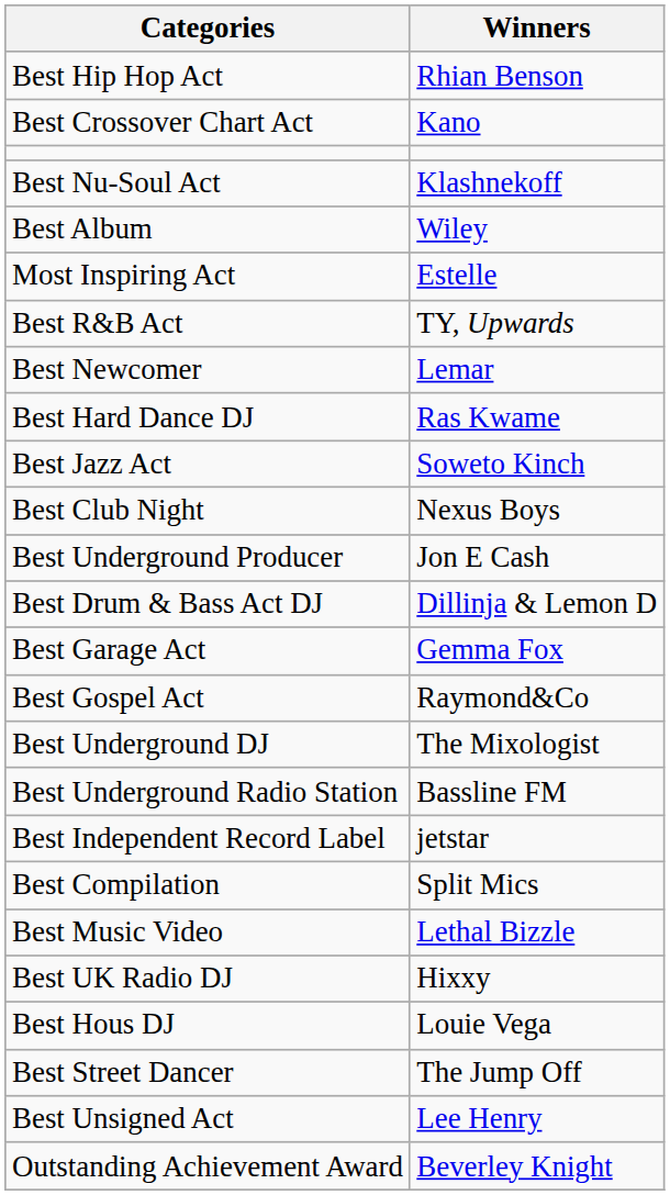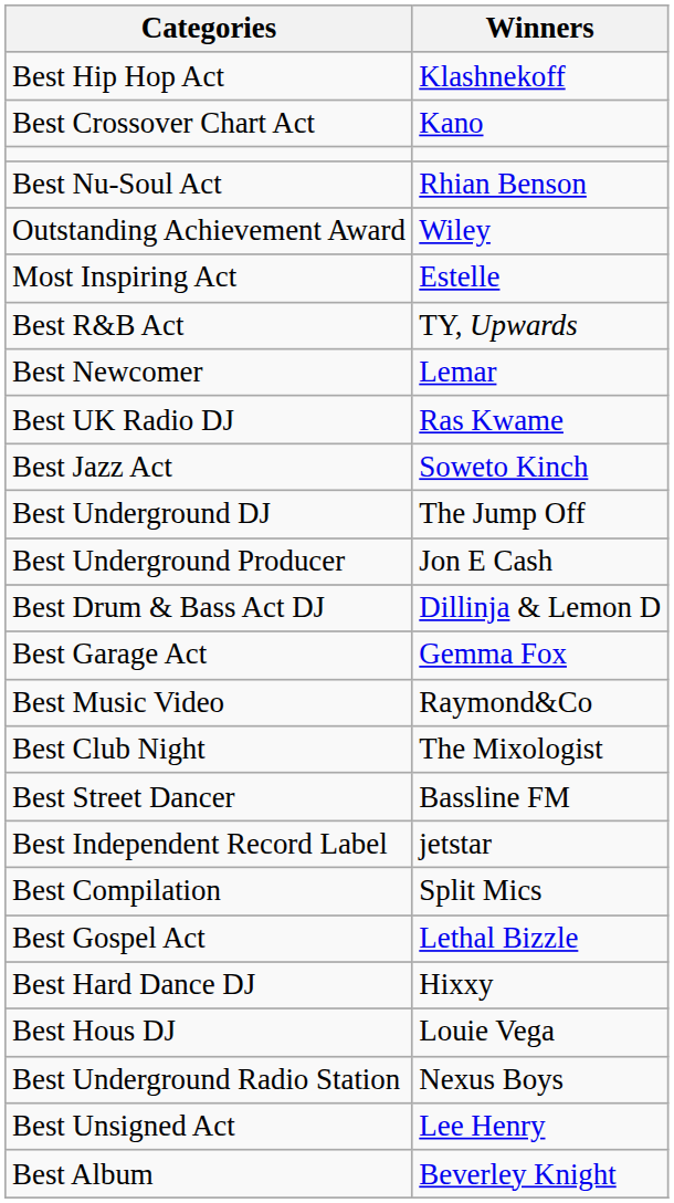 <table class="wikitable">
 <tr>
 <th>Categories</th>
 <th>Winners</th>
 </tr>
 <tr>
 <td>Best Hip Hop Act</td>
-<td><a href='#'>Rhian Benson</a></td>
+<td><a href='#'>Klashnekoff</a></td>
 </tr>
 <tr>
 <td>Best Crossover Chart Act</td>
 <td><a href='#'>Kano</a></td>
 </tr>
 <tr>
 <td></td>
 </tr>
 <tr>
 <td>Best Nu-Soul Act</td>
-<td><a href='#'>Klashnekoff</a></td>
+<td><a href='#'>Rhian Benson</a></td>
 </tr>
 <tr>
-<td>Best Album</td>
+<td>Outstanding Achievement Award</td>
 <td><a href='#'>Wiley</a></td>
 </tr>
 <tr>
 <td>Most Inspiring Act</td>
 <td><a href='#'>Estelle</a></td>
 </tr>
 <tr>
 <td>Best R&B Act</td>
 <td>TY, <em>Upwards</em></td>
 </tr>
 <tr>
 <td>Best Newcomer</td>
 <td><a href='#'>Lemar</a></td>
 </tr>
 <tr>
-<td>Best Hard Dance DJ</td>
+<td>Best UK Radio DJ</td>
 <td><a href='#'>Ras Kwame</a></td>
 </tr>
 <tr>
 <td>Best Jazz Act</td>
 <td><a href='#'>Soweto Kinch</a></td>
 </tr>
 <tr>
-<td>Best Club Night</td>
-<td>Nexus Boys</td>
+<td>Best Underground DJ</td>
+<td>The Jump Off</td>
 </tr>
 <tr>
 <td>Best Underground Producer</td>
 <td>Jon E Cash</td>
 </tr>
 <tr>
 <td>Best Drum & Bass Act DJ</td>
 <td><a href='#'>Dillinja</a> & Lemon D</td>
 </tr>
 <tr>
 <td>Best Garage Act</td>
 <td><a href='#'>Gemma Fox</a></td>
 </tr>
 <tr>
-<td>Best Gospel Act</td>
+<td>Best Music Video</td>
 <td>Raymond&Co</td>
 </tr>
 <tr>
-<td>Best Underground DJ</td>
+<td>Best Club Night</td>
 <td>The Mixologist</td>
 </tr>
 <tr>
-<td>Best Underground Radio Station</td>
+<td>Best Street Dancer</td>
 <td>Bassline FM</td>
 </tr>
 <tr>
 <td>Best Independent Record Label</td>
 <td>jetstar</td>
 </tr>
 <tr>
 <td>Best Compilation</td>
 <td>Split Mics</td>
 </tr>
 <tr>
-<td>Best Music Video</td>
+<td>Best Gospel Act</td>
 <td><a href='#'>Lethal Bizzle</a></td>
 </tr>
 <tr>
-<td>Best UK Radio DJ</td>
+<td>Best Hard Dance DJ</td>
 <td>Hixxy</td>
 </tr>
 <tr>
 <td>Best Hous DJ</td>
 <td>Louie Vega</td>
 </tr>
 <tr>
-<td>Best Street Dancer</td>
-<td>The Jump Off</td>
+<td>Best Underground Radio Station</td>
+<td>Nexus Boys</td>
 </tr>
 <tr>
 <td>Best Unsigned Act</td>
 <td><a href='#'>Lee Henry</a></td>
 </tr>
 <tr>
-<td>Outstanding Achievement Award</td>
+<td>Best Album</td>
 <td><a href='#'>Beverley Knight</a></td>
 </tr>
 <tr>
 </tr>
 </table>
